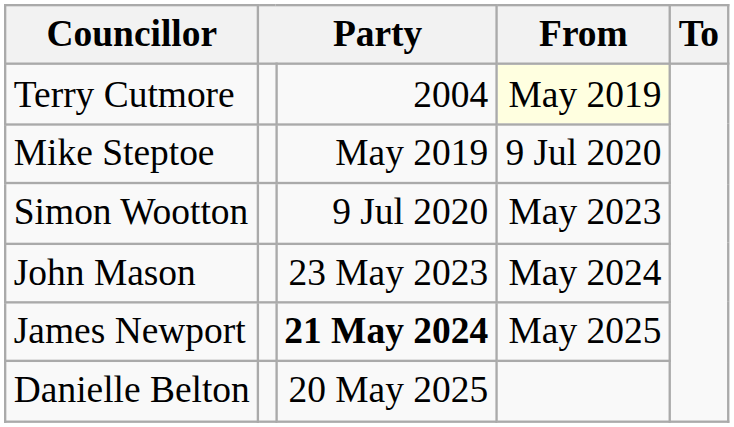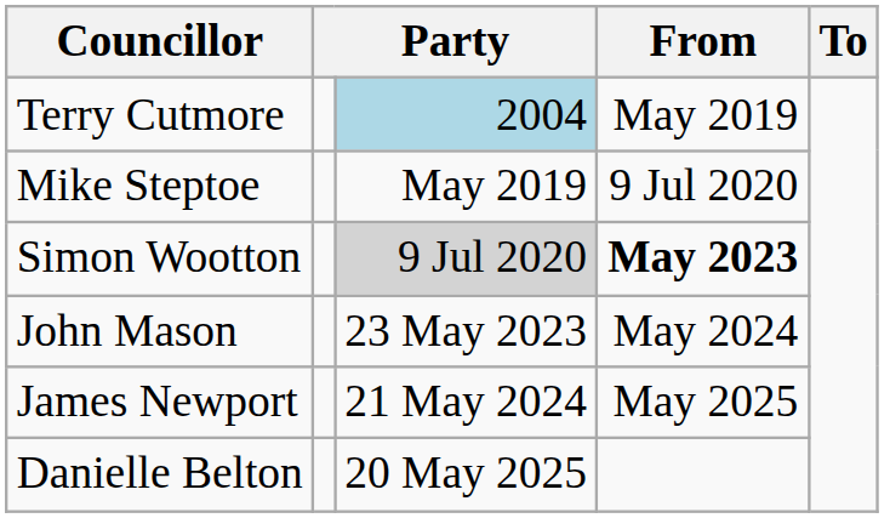 <table class=wikitable>
 <tr>
 <th>Councillor</th>
 <th colspan=2>Party</th>
 <th>From</th>
 <th>To</th>
 </tr>
 <tr>
 <td>Terry Cutmore</td>
 <td></td>
-<td align=right>2004</td>
-<td align=right style="background: lightyellow;">May 2019</td>
+<td align=right style="background: lightblue;">2004</td>
+<td align=right>May 2019</td>
 </tr>
 <tr>
 <td>Mike Steptoe</td>
 <td></td>
 <td align=right>May 2019</td>
 <td align=right>9 Jul 2020</td>
 </tr>
 <tr>
 <td>Simon Wootton</td>
 <td></td>
-<td align=right>9 Jul 2020</td>
-<td align=right>May 2023</td>
+<td align=right style="background: lightgrey;">9 Jul 2020</td>
+<td align=right><strong>May 2023</strong></td>
 </tr>
 <tr>
 <td>John Mason</td>
 <td></td>
 <td align=right>23 May 2023</td>
 <td align=right>May 2024</td>
 </tr>
 <tr>
 <td>James Newport</td>
 <td></td>
-<td align=right><strong>21 May 2024</strong></td>
+<td align=right>21 May 2024</td>
 <td align=right>May 2025</td>
 </tr>
 <tr>
 <td>Danielle Belton</td>
 <td></td>
 <td align=right>20 May 2025</td>
 <td align=right></td>
 </tr>
 </table>
